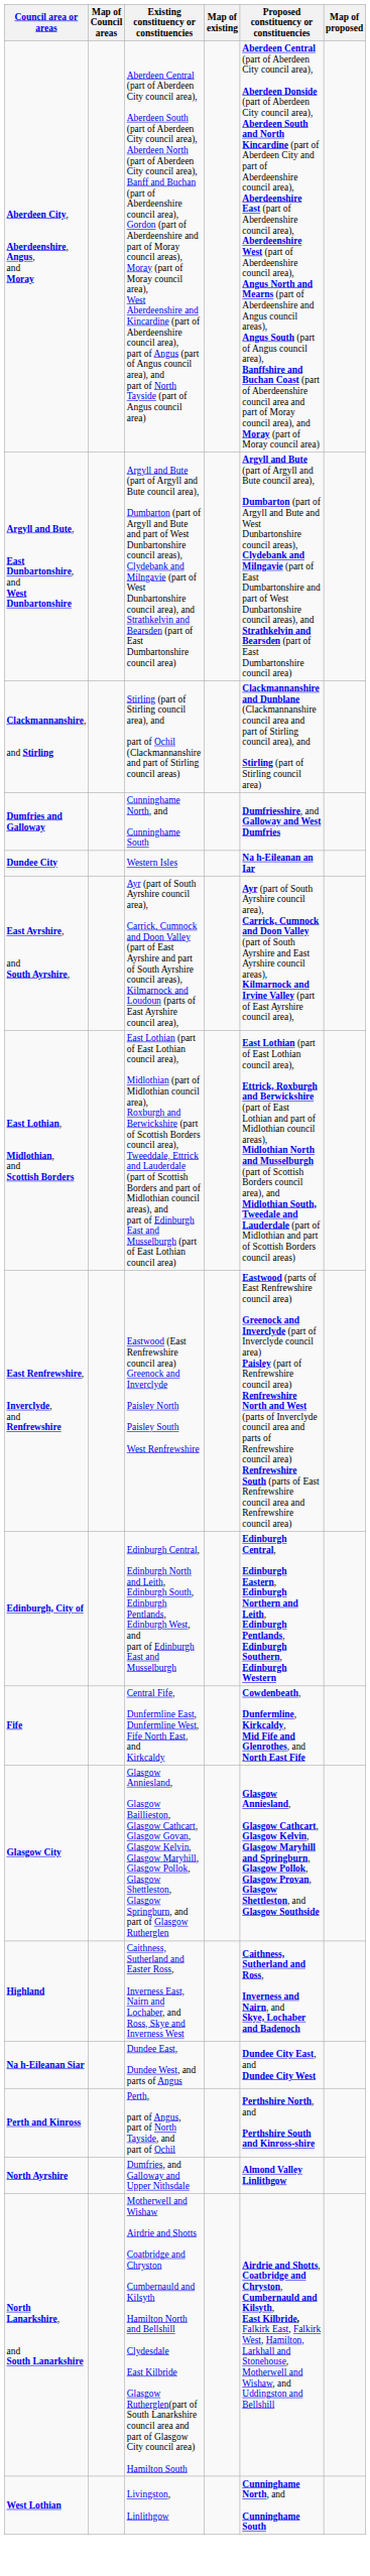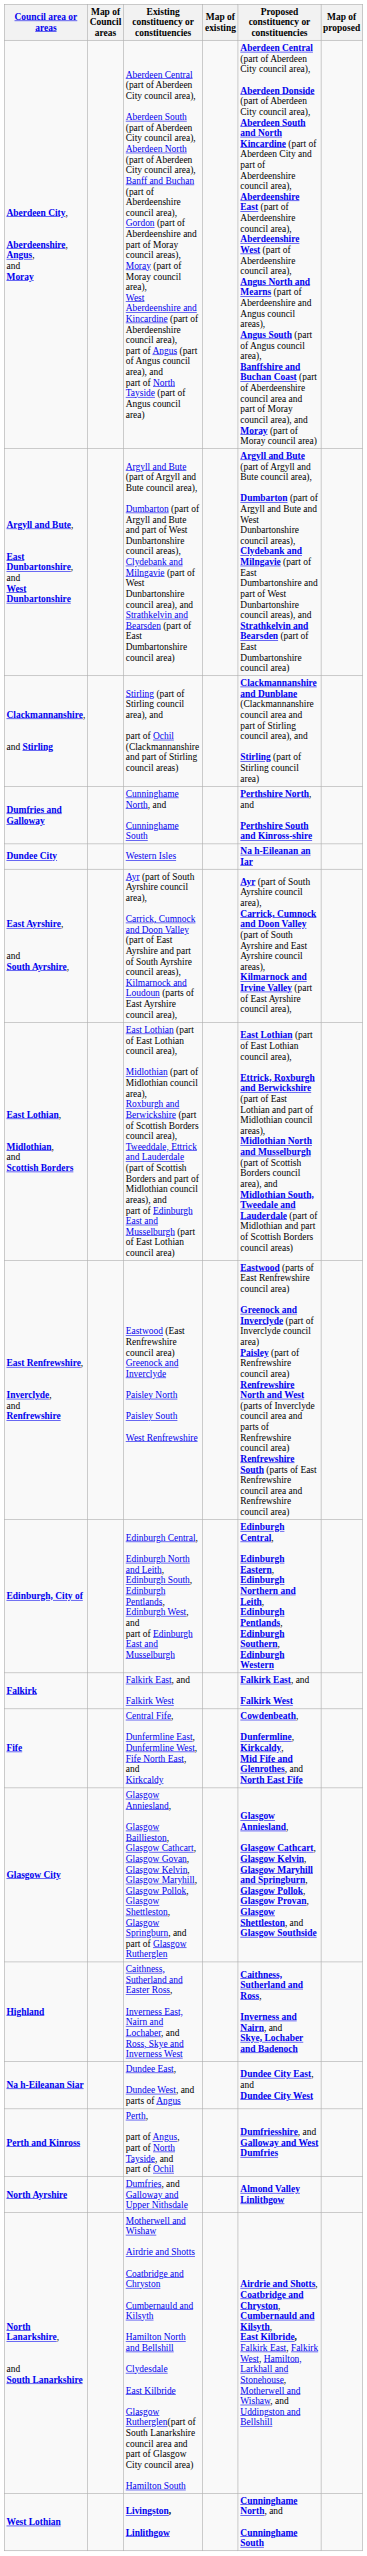 <table class="wikitable">
 <tr>
 <th><a href='#'>Council area or areas</a></th>
 <th>Map of Council areas</th>
 <th>Existing constituency or constituencies</th>
 <th>Map of existing</th>
 <th>Proposed constituency or constituencies</th>
 <th>Map of proposed</th>
 </tr>
 <tr>
 <td><strong><a href='#'>Aberdeen City</a></strong>,<br><br><br><strong><a href='#'>Aberdeenshire</a></strong>, <strong><a href='#'>Angus</a></strong>,<br>and<br><strong><a href='#'>Moray</a></strong></td>
 <td></td>
 <td><a href='#'>Aberdeen Central</a> (part of Aberdeen City council area),<br><br><a href='#'>Aberdeen South</a> (part of Aberdeen City council area),<br> <a href='#'>Aberdeen North</a> (part of Aberdeen City council area),<br> <a href='#'>Banff and Buchan</a> (part of Aberdeenshire council area),<br> <a href='#'>Gordon</a> (part of Aberdeenshire and part of Moray council areas),<br> <a href='#'>Moray</a> (part of Moray council area),<br> <a href='#'>West Aberdeenshire and Kincardine</a> (part of Aberdeenshire council area),<br> part of <a href='#'>Angus</a> (part of Angus council area), and<br> part of <a href='#'>North Tayside</a> (part of Angus council area)</td>
 <td></td>
 <td><strong><a href='#'>Aberdeen Central</a></strong> (part of Aberdeen City council area),<br><br><strong><a href='#'>Aberdeen Donside</a></strong> (part of Aberdeen City council area),<br> <strong><a href='#'>Aberdeen South and North Kincardine</a></strong> (part of Aberdeen City and part of Aberdeenshire council area),<br> <strong><a href='#'>Aberdeenshire East</a></strong> (part of Aberdeenshire council area),<br> <strong><a href='#'>Aberdeenshire West</a></strong> (part of Aberdeenshire council area),<br> <strong><a href='#'>Angus North and Mearns</a></strong> (part of Aberdeenshire and Angus council areas),<br> <strong><a href='#'>Angus South</a></strong> (part of Angus council area),<br> <strong><a href='#'>Banffshire and Buchan Coast</a></strong> (part of Aberdeenshire council area and part of Moray council area), and<br> <strong><a href='#'>Moray</a></strong> (part of Moray council area)</td>
 <td></td>
 </tr>
 <tr>
 <td><strong><a href='#'>Argyll and Bute</a></strong>,<br><br><br><strong><a href='#'>East Dunbartonshire</a></strong>,<br>and<br><strong><a href='#'>West Dunbartonshire</a></strong></td>
 <td></td>
 <td><a href='#'>Argyll and Bute</a> (part of Argyll and Bute council area),<br><br><a href='#'>Dumbarton</a> (part of Argyll and Bute and part of West Dunbartonshire council areas),<br> <a href='#'>Clydebank and Milngavie</a> (part of West Dunbartonshire council area), and<br> <a href='#'>Strathkelvin and Bearsden</a> (part of East Dumbartonshire council area)</td>
 <td></td>
 <td><strong><a href='#'>Argyll and Bute</a></strong> (part of Argyll and Bute council area),<br><br><strong><a href='#'>Dumbarton</a></strong> (part of Argyll and Bute and West Dunbartonshire council areas),<br> <strong><a href='#'>Clydebank and Milngavie</a></strong> (part of East Dumbartonshire and part of West Dunbartonshire council areas), and<br> <strong><a href='#'>Strathkelvin and Bearsden</a></strong> (part of East Dumbartonshire council area)</td>
 <td></td>
 </tr>
 <tr>
 <td><strong><a href='#'>Clackmannanshire</a></strong>,<br><br><br>and <strong><a href='#'>Stirling</a></strong></td>
 <td></td>
 <td><a href='#'>Stirling</a> (part of Stirling council area), and<br><br>part of <a href='#'>Ochil</a> (Clackmannanshire and part of Stirling council areas)</td>
 <td></td>
 <td><strong><a href='#'>Clackmannanshire and Dunblane</a></strong> (Clackmannanshire council area and part of Stirling council area), and <br><br><strong><a href='#'>Stirling</a></strong> (part of Stirling council area)</td>
 <td></td>
 </tr>
 <tr>
 <td><strong><a href='#'>Dumfries and Galloway</a></strong></td>
 <td></td>
 <td><a href='#'>Cunninghame North</a>, and<br><br><a href='#'>Cunninghame South</a></td>
 <td></td>
-<td><strong><a href='#'>Dumfriesshire</a></strong>, and<br> <strong><a href='#'>Galloway and West Dumfries</a></strong></td>
+<td><strong><a href='#'>Perthshire North</a></strong>, and<br><br><strong><a href='#'>Perthshire South and Kinross-shire</a></strong></td>
 <td></td>
 </tr>
 <tr>
 <td><strong><a href='#'>Dundee City</a></strong></td>
 <td></td>
 <td><a href='#'>Western Isles</a></td>
 <td></td>
 <td><strong><a href='#'>Na h-Eileanan an Iar</a></strong></td>
 <td></td>
 </tr>
 <tr>
 <td><strong><a href='#'>East Ayrshire</a></strong>,<br><br><br>and<br><strong><a href='#'>South Ayrshire</a></strong>,</td>
 <td></td>
 <td><a href='#'>Ayr</a> (part of South Ayrshire council area),<br><br><a href='#'>Carrick, Cumnock and Doon Valley</a> (part of East Ayrshire and part of South Ayrshire council areas),<br> <a href='#'>Kilmarnock and Loudoun</a> (parts of East Ayrshire council area),<br></td>
 <td></td>
 <td><strong><a href='#'>Ayr</a></strong> (part of South Ayrshire council area),<br> <strong><a href='#'>Carrick, Cumnock and Doon Valley</a></strong> (part of South Ayrshire and East Ayrshire council areas),<br> <strong><a href='#'>Kilmarnock and Irvine Valley</a></strong> (part of East Ayrshire council area),<br></td>
 <td></td>
 </tr>
 <tr>
 <td><strong><a href='#'>East Lothian</a></strong>,<br><br><br><strong><a href='#'>Midlothian</a></strong>,<br>and<br><strong><a href='#'>Scottish Borders</a></strong></td>
 <td></td>
 <td><a href='#'>East Lothian</a> (part of East Lothian council area),<br><br><a href='#'>Midlothian</a> (part of Midlothian council area),<br> <a href='#'>Roxburgh and Berwickshire</a> (part of Scottish Borders council area),<br> <a href='#'>Tweeddale, Ettrick and Lauderdale</a> (part of Scottish Borders and part of Midlothian council areas), and<br> part of <a href='#'>Edinburgh East and Musselburgh</a> (part of East Lothian council area)</td>
 <td></td>
 <td><strong><a href='#'>East Lothian</a></strong> (part of East Lothian council area),<br><br><strong><a href='#'>Ettrick, Roxburgh and Berwickshire</a></strong> (part of East Lothian and part of Midlothian council areas),<br> <strong><a href='#'>Midlothian North and Musselburgh</a></strong> (part of Scottish Borders council area), and<br> <strong><a href='#'>Midlothian South, Tweedale and Lauderdale</a></strong> (part of Midlothian and part of Scottish Borders council areas)</td>
 <td></td>
 </tr>
 <tr>
 <td><strong><a href='#'>East Renfrewshire</a></strong>,<br><br><br><strong><a href='#'>Inverclyde</a></strong>,<br>and<br><strong><a href='#'>Renfrewshire</a></strong></td>
 <td></td>
 <td><a href='#'>Eastwood</a> (East Renfrewshire council area)<br> <a href='#'>Greenock and Inverclyde</a><br><br><a href='#'>Paisley North</a><br><br><a href='#'>Paisley South</a><br><br><a href='#'>West Renfrewshire</a><br><br></td>
 <td></td>
 <td><strong><a href='#'>Eastwood</a></strong> (parts of East Renfrewshire council area) <br><br><strong><a href='#'>Greenock and Inverclyde</a></strong> (part of Inverclyde council area) <br> <strong><a href='#'>Paisley</a></strong> (part of Renfrewshire council area) <br> <strong><a href='#'>Renfrewshire North and West</a></strong> (parts of Inverclyde council area and parts of Renfrewshire council area) <br> <strong><a href='#'>Renfrewshire South</a></strong> (parts of East Renfrewshire council area and Renfrewshire council area)</td>
 <td></td>
 </tr>
 <tr>
 <td><strong><a href='#'>Edinburgh, City of</a></strong></td>
 <td></td>
 <td><a href='#'>Edinburgh Central</a>,<br><br><a href='#'>Edinburgh North and Leith</a>,<br>  <a href='#'>Edinburgh South</a>,<br> <a href='#'>Edinburgh Pentlands</a>,<br> <a href='#'>Edinburgh West</a>, and <br> part of <a href='#'>Edinburgh East and Musselburgh</a></td>
 <td></td>
 <td><strong><a href='#'>Edinburgh Central</a></strong>,<br><br><strong><a href='#'>Edinburgh Eastern</a></strong>,<br> <strong><a href='#'>Edinburgh Northern and Leith</a></strong>,<br> <strong><a href='#'>Edinburgh Pentlands</a></strong>,<br> <strong><a href='#'>Edinburgh Southern</a></strong>,<br> <strong><a href='#'>Edinburgh Western</a></strong></td>
 <td></td>
 </tr>
 <tr>
+<td><strong><a href='#'>Falkirk</a></strong></td>
+<td></td>
+<td><a href='#'>Falkirk East</a>, and<br><br><a href='#'>Falkirk West</a></td>
+<td></td>
+<td><strong><a href='#'>Falkirk East</a></strong>, and<br><br><strong><a href='#'>Falkirk West</a></strong></td>
+<td></td>
+</tr>
+<tr>
 <td><strong><a href='#'>Fife</a></strong></td>
 <td></td>
 <td><a href='#'>Central Fife</a>,<br><br><a href='#'>Dunfermline East</a>,<br> <a href='#'>Dunfermline West</a>,<br> <a href='#'>Fife North East</a>, and<br> <a href='#'>Kirkcaldy</a></td>
 <td></td>
 <td><strong><a href='#'>Cowdenbeath</a></strong>,<br><br><strong><a href='#'>Dunfermline</a></strong>,<br> <strong><a href='#'>Kirkcaldy</a></strong>,<br> <strong><a href='#'>Mid Fife and Glenrothes</a></strong>, and<br> <strong><a href='#'>North East Fife</a></strong></td>
 <td></td>
 </tr>
 <tr>
 <td><strong><a href='#'>Glasgow City</a></strong></td>
 <td></td>
 <td><a href='#'>Glasgow Anniesland</a>,<br><br><a href='#'>Glasgow Baillieston</a>,<br> <a href='#'>Glasgow Cathcart</a>,<br> <a href='#'>Glasgow Govan</a>,<br> <a href='#'>Glasgow Kelvin</a>,<br> <a href='#'>Glasgow Maryhill</a>,<br> <a href='#'>Glasgow Pollok</a>,<br> <a href='#'>Glasgow Shettleston</a>,<br> <a href='#'>Glasgow Springburn</a>, and<br> part of <a href='#'>Glasgow Rutherglen</a></td>
 <td></td>
 <td><strong><a href='#'>Glasgow Anniesland</a></strong>,<br><br><strong><a href='#'>Glasgow Cathcart</a></strong>,<br> <strong><a href='#'>Glasgow Kelvin</a></strong>,<br> <strong><a href='#'>Glasgow Maryhill and Springburn</a></strong>,<br> <strong><a href='#'>Glasgow Pollok</a></strong>,<br> <strong><a href='#'>Glasgow Provan</a></strong>,<br> <strong><a href='#'>Glasgow Shettleston</a></strong>, and<br> <strong><a href='#'>Glasgow Southside</a></strong></td>
 <td></td>
 </tr>
 <tr>
 <td><strong><a href='#'>Highland</a></strong></td>
 <td></td>
 <td><a href='#'>Caithness, Sutherland and Easter Ross</a>,<br><br><a href='#'>Inverness East, Nairn and Lochaber</a>, and<br> <a href='#'>Ross, Skye and Inverness West</a></td>
 <td></td>
 <td><strong><a href='#'>Caithness, Sutherland and Ross</a></strong>,<br><br><strong><a href='#'>Inverness and Nairn</a></strong>, and<br> <strong><a href='#'>Skye, Lochaber and Badenoch</a></strong></td>
 <td></td>
 </tr>
 <tr>
 <td><strong><a href='#'>Na h-Eileanan Siar</a></strong></td>
 <td></td>
 <td><a href='#'>Dundee East</a>,<br><br><a href='#'>Dundee West</a>, and<br> parts of <a href='#'>Angus</a></td>
 <td></td>
 <td><strong><a href='#'>Dundee City East</a></strong>, and<br> <strong><a href='#'>Dundee City West</a></strong></td>
 <td></td>
 </tr>
 <tr>
 <td><strong><a href='#'>Perth and Kinross</a></strong></td>
 <td></td>
 <td><a href='#'>Perth</a>,<br><br>part of <a href='#'>Angus</a>,<br> part of <a href='#'>North Tayside</a>, and<br> part of <a href='#'>Ochil</a></td>
 <td></td>
-<td><strong><a href='#'>Perthshire North</a></strong>, and<br><br><strong><a href='#'>Perthshire South and Kinross-shire</a></strong></td>
+<td><strong><a href='#'>Dumfriesshire</a></strong>, and<br> <strong><a href='#'>Galloway and West Dumfries</a></strong></td>
 <td></td>
 </tr>
 <tr>
 <td><strong><a href='#'>North Ayrshire</a></strong></td>
 <td></td>
 <td><a href='#'>Dumfries</a>, and<br> <a href='#'>Galloway and Upper Nithsdale</a></td>
 <td></td>
 <td><strong><a href='#'>Almond Valley</a></strong><br><strong><a href='#'>Linlithgow</a></strong></td>
 <td></td>
 </tr>
 <tr>
 <td><strong><a href='#'>North Lanarkshire</a></strong>,<br><br><br>and<br><strong><a href='#'>South Lanarkshire</a></strong></td>
 <td></td>
 <td><a href='#'>Motherwell and Wishaw</a><br><br><a href='#'>Airdrie and Shotts</a><br><br><a href='#'>Coatbridge and Chryston</a><br><br><a href='#'>Cumbernauld and Kilsyth</a><br><br><a href='#'>Hamilton North and Bellshill</a><br><br><a href='#'>Clydesdale</a><br><br><a href='#'>East Kilbride</a><br><br><a href='#'>Glasgow Rutherglen</a>(part of South Lanarkshire council area and part of Glasgow City council area)<br><br><a href='#'>Hamilton South</a></td>
 <td></td>
 <td><strong><a href='#'>Airdrie and Shotts</a></strong>,<br><strong> <a href='#'>Coatbridge and Chryston</a></strong>,<br><strong> <a href='#'>Cumbernauld and Kilsyth</a></strong>,<br><strong> <a href='#'>East Kilbride</a>,</strong> <a href='#'>Falkirk East</a>, <a href='#'>Falkirk West</a>, <a href='#'>Hamilton, Larkhall and Stonehouse</a>, <a href='#'>Motherwell and Wishaw</a>, and  <a href='#'>Uddingston and Bellshill</a></td>
 <td></td>
 </tr>
 <tr>
 <td><strong><a href='#'>West Lothian</a></strong></td>
 <td></td>
-<td><a href='#'>Livingston</a>,<br><br><a href='#'>Linlithgow</a></td>
+<td><strong><a href='#'>Livingston</a>,<br><br><a href='#'>Linlithgow</a></strong></td>
 <td></td>
 <td><strong><a href='#'>Cunninghame North</a></strong>, and<br><br><strong><a href='#'>Cunninghame South</a></strong></td>
 <td></td>
 </tr>
 </table>
